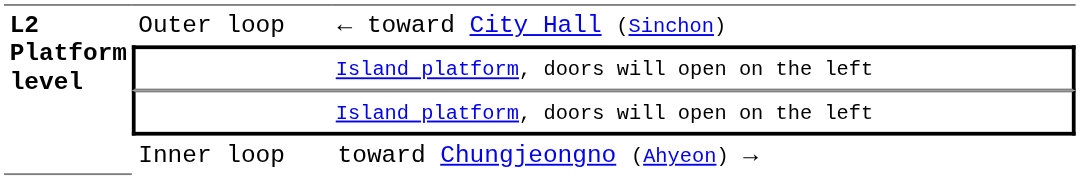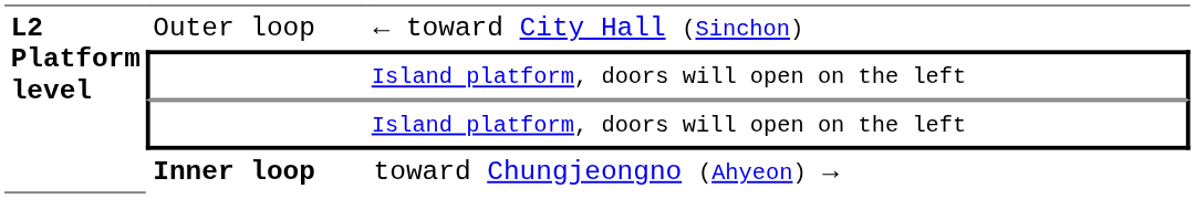 <table table border=0 cellspacing=0 cellpadding=3>
 <tr>
 <td style="border-top:solid 1px gray;border-bottom:solid 1px gray;" width=50 rowspan=4 valign=top><strong>L2<br>Platform level</strong></td>
 <td style="border-bottom:solid 0px gray;border-top:solid 1px gray;" width=100>Outer loop</td>
 <td style="border-bottom:solid 0px gray;border-top:solid 1px gray;" width=390>←  toward <a href='#'>City Hall</a> <small>(<a href='#'>Sinchon</a>)</small></td>
 </tr>
 <tr>
 <td style="border-top:solid 2px black;border-right:solid 2px black;border-left:solid 2px black;border-bottom:solid 1px gray;text-align:center;" colspan=2><small><a href='#'>Island platform</a>, doors will open on the left </small></td>
 </tr>
 <tr>
 <td style="border-top:solid 1px gray;border-right:solid 2px black;border-left:solid 2px black;border-bottom:solid 2px black;text-align:center;" colspan=2><small><a href='#'>Island platform</a>, doors will open on the left </small></td>
 </tr>
 <tr>
-<td>Inner loop</td>
+<td><strong>Inner loop</strong></td>
 <td>  toward <a href='#'>Chungjeongno</a> <small>(<a href='#'>Ahyeon</a>)</small> →</td>
 </tr>
 </table>
